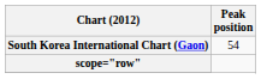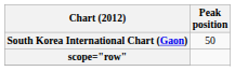 <table class="wikitable plainrowheaders" style="text-align:center;">
 <tr>
 <th scope="col">Chart (2012)</th>
 <th scope="col">Peak<br>position</th>
 </tr>
 <tr>
 <th scope="row">South Korea International Chart (<a href='#'>Gaon</a>)</th>
-<td>54</td>
+<td>50</td>
 </tr>
 <tr>
 <th>scope="row" </th>
 </tr>
 <tr>
 </tr>
 </table>
